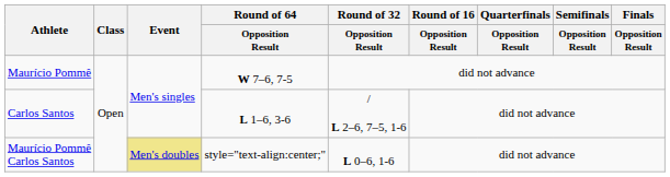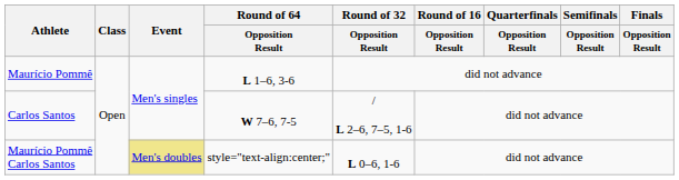 <table class=wikitable style="font-size:90%">
 <tr>
 <th rowspan="2">Athlete</th>
 <th rowspan="2">Class</th>
 <th rowspan="2">Event</th>
 <th>Round of 64</th>
 <th>Round of 32</th>
 <th>Round of 16</th>
 <th>Quarterfinals</th>
 <th>Semifinals</th>
 <th>Finals</th>
 </tr>
 <tr>
 <th style="line-height:1em"><small>Opposition<br>Result</small></th>
 <th style="line-height:1em"><small>Opposition<br>Result</small></th>
 <th style="line-height:1em"><small>Opposition<br>Result</small></th>
 <th style="line-height:1em"><small>Opposition<br>Result</small></th>
 <th style="line-height:1em"><small>Opposition<br>Result</small></th>
 <th style="line-height:1em"><small>Opposition<br>Result</small></th>
 </tr>
 <tr>
 <td><a href='#'>Maurício Pommê</a></td>
 <td rowspan="3" style="text-align:center;">Open</td>
 <td rowspan="2"><a href='#'>Men's singles</a></td>
-<td style="text-align:center;"><br><strong>W</strong> 7–6, 7-5</td>
+<td style="text-align:center;"><br><strong>L</strong> 1–6, 3-6</td>
 <td style="text-align:center;" colspan="5">did not advance</td>
 </tr>
 <tr>
 <td><a href='#'>Carlos Santos</a></td>
-<td style="text-align:center;"><br><strong>L</strong> 1–6, 3-6</td>
+<td style="text-align:center;"><br><strong>W</strong> 7–6, 7-5</td>
 <td style="text-align:center;"> /<br> <br><strong>L</strong> 2–6, 7–5, 1-6</td>
 <td style="text-align:center;" colspan="4">did not advance</td>
 </tr>
 <tr>
 <td><a href='#'>Maurício Pommê</a><br> <a href='#'>Carlos Santos</a></td>
 <td style="background: khaki;"><a href='#'>Men's doubles</a></td>
 <td>style="text-align:center;" </td>
 <td style="text-align:center;"><br><strong>L</strong> 0–6, 1-6</td>
 <td style="text-align:center;" colspan="4">did not advance</td>
 </tr>
 </table>
